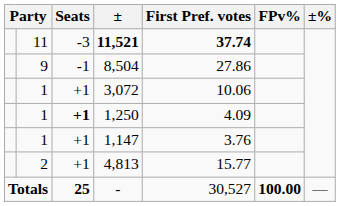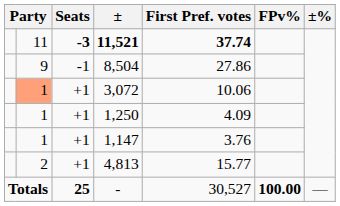 <table class=wikitable>
 <tr>
 <th colspan=2 align=center>Party</th>
 <th valign=top>Seats</th>
 <th valign=top>±</th>
 <th valign=top>First Pref. votes</th>
 <th valign=top>FPv%</th>
 <th valign=top>±%</th>
 </tr>
 <tr>
 <td></td>
 <td align=right>11</td>
-<td align=right>-3</td>
+<td align=right><strong>-3</strong></td>
 <td align=right><strong>11,521</strong></td>
 <td align=right><strong>37.74</strong></td>
 <td align=right></td>
 </tr>
 <tr>
 <td></td>
 <td align=right>9</td>
 <td align=right>-1</td>
 <td align=right>8,504</td>
 <td align=right>27.86</td>
 <td align=right></td>
 </tr>
 <tr>
 <td></td>
-<td align=right>1</td>
+<td align=right style="background: lightsalmon;">1</td>
 <td align=right>+1</td>
 <td align=right>3,072</td>
 <td align=right>10.06</td>
 <td align=right></td>
 </tr>
 <tr>
 <td></td>
 <td align=right>1</td>
-<td align=right><strong>+1</strong></td>
+<td align=right>+1</td>
 <td align=right>1,250</td>
 <td align=right>4.09</td>
 <td align=right></td>
 </tr>
 <tr>
 <td></td>
 <td align=right>1</td>
 <td align=right>+1</td>
 <td align=right>1,147</td>
 <td align=right>3.76</td>
 <td align=right></td>
 </tr>
 <tr>
 <td></td>
 <td align=right>2</td>
 <td align=right>+1</td>
 <td align=right>4,813</td>
 <td align=right>15.77</td>
 <td align=right></td>
 </tr>
 <tr>
 <td colspan=2 align=center><strong>Totals</strong></td>
 <td align=right><strong>25</strong></td>
 <td align=center>-</td>
 <td align=right>30,527</td>
 <td align=center><strong>100.00</strong></td>
 <td align=center>—</td>
 </tr>
 </table>
